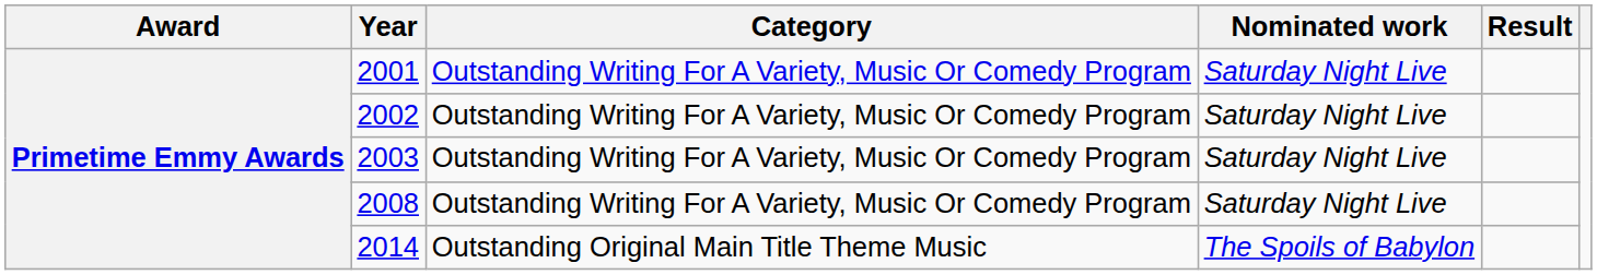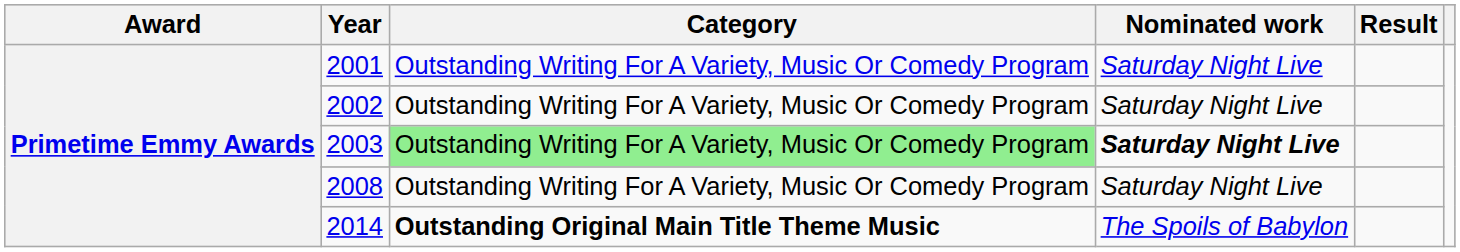 <table class="wikitable plainrowheaders sortable">
 <tr>
 <th scope="col">Award</th>
 <th scope="col">Year</th>
 <th scope="col">Category</th>
 <th scope="col">Nominated work</th>
 <th scope="col">Result</th>
 <th scope="col" class="unsortable"></th>
 </tr>
 <tr>
 <th scope="rowgroup" rowspan="5"><a href='#'>Primetime Emmy Awards</a></th>
 <td><a href='#'>2001</a></td>
 <td><a href='#'>Outstanding Writing For A Variety, Music Or Comedy Program</a></td>
 <td><em><a href='#'>Saturday Night Live</a></em></td>
 <td></td>
 <td rowspan="5" style="text-align:center;"></td>
 </tr>
 <tr>
 <td><a href='#'>2002</a></td>
 <td>Outstanding Writing For A Variety, Music Or Comedy Program</td>
 <td><em>Saturday Night Live</em></td>
 <td></td>
 </tr>
 <tr>
 <td><a href='#'>2003</a></td>
-<td>Outstanding Writing For A Variety, Music Or Comedy Program</td>
-<td><em>Saturday Night Live</em></td>
+<td style="background: lightgreen;">Outstanding Writing For A Variety, Music Or Comedy Program</td>
+<td><strong><em>Saturday Night Live</em></strong></td>
 <td></td>
 </tr>
 <tr>
 <td><a href='#'>2008</a></td>
 <td>Outstanding Writing For A Variety, Music Or Comedy Program</td>
 <td><em>Saturday Night Live</em></td>
 <td></td>
 </tr>
 <tr>
 <td><a href='#'>2014</a></td>
-<td>Outstanding Original Main Title Theme Music</td>
+<td><strong>Outstanding Original Main Title Theme Music</strong></td>
 <td><em><a href='#'>The Spoils of Babylon</a></em></td>
 <td></td>
 </tr>
 </table>
